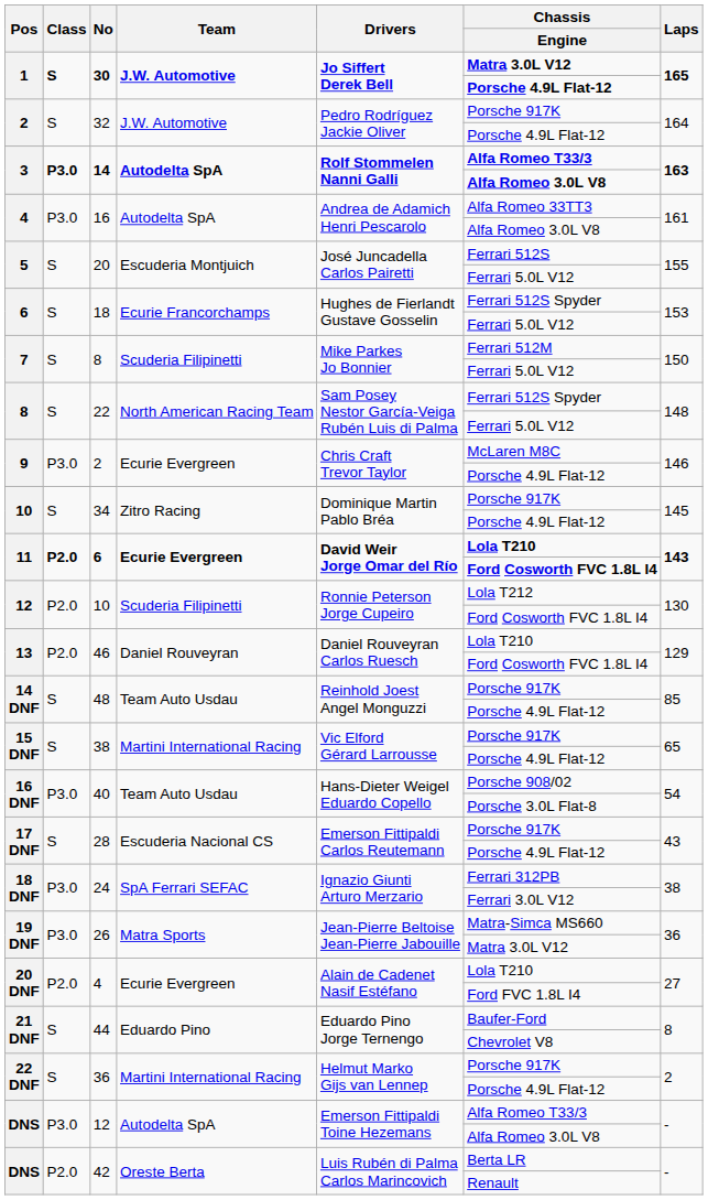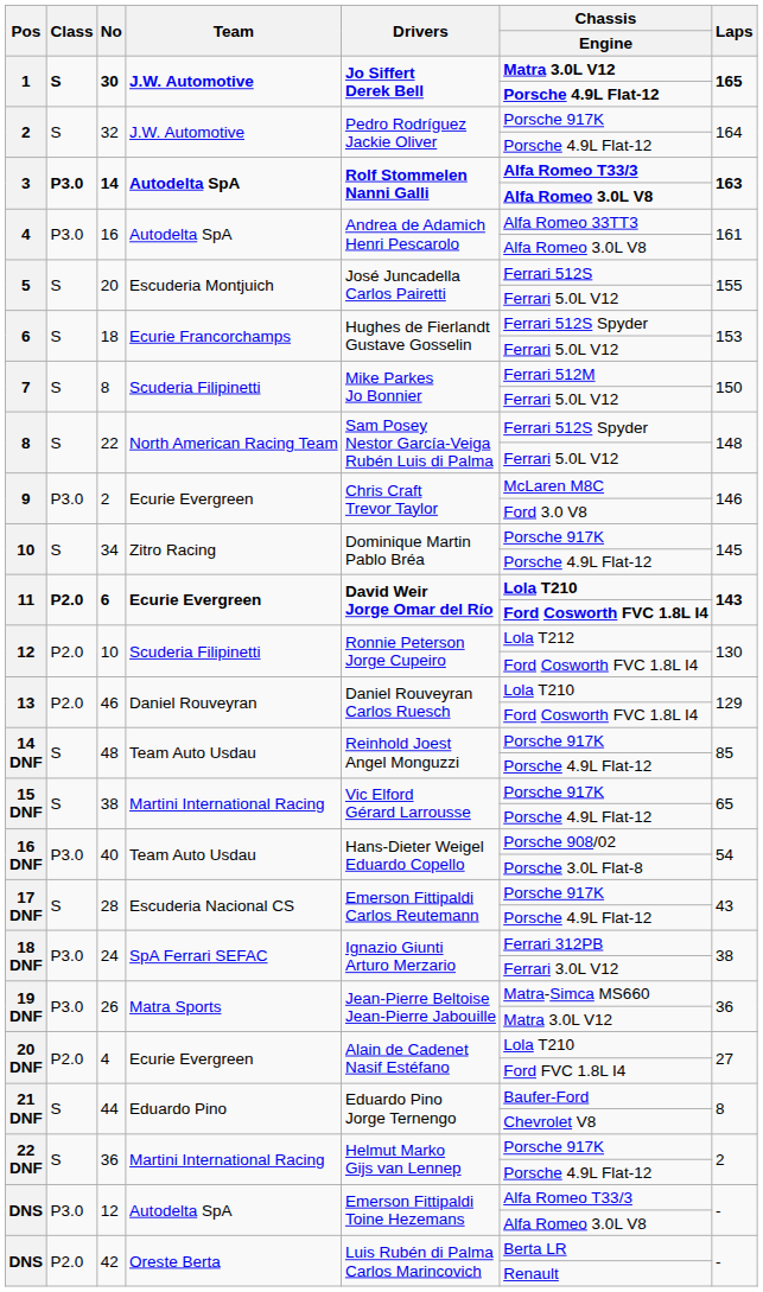 <table class="wikitable" style="font-size: 95%;">
 <tr>
 <th rowspan=2>Pos</th>
 <th rowspan=2>Class</th>
 <th rowspan=2>No</th>
 <th rowspan=2>Team</th>
 <th rowspan=2>Drivers</th>
 <th>Chassis</th>
 <th rowspan=2>Laps</th>
 </tr>
 <tr>
 <th>Engine</th>
 </tr>
 <tr style="font-weight:bold">
 <th rowspan=2>1</th>
 <td rowspan=2>S</td>
 <td rowspan=2>30</td>
 <td rowspan=2> <a href='#'>J.W. Automotive</a></td>
 <td rowspan=2> <a href='#'>Jo Siffert</a><br> <a href='#'>Derek Bell</a></td>
 <td><a href='#'>Matra</a> 3.0L V12</td>
 <td rowspan=2>165</td>
 </tr>
 <tr style="font-weight:bold">
 <td><a href='#'>Porsche</a> 4.9L Flat-12</td>
 </tr>
 <tr>
 <th rowspan=2>2</th>
 <td rowspan=2>S</td>
 <td rowspan=2>32</td>
 <td rowspan=2> <a href='#'>J.W. Automotive</a></td>
 <td rowspan=2> <a href='#'>Pedro Rodríguez</a><br> <a href='#'>Jackie Oliver</a></td>
 <td><a href='#'>Porsche 917K</a></td>
 <td rowspan=2>164</td>
 </tr>
 <tr>
 <td><a href='#'>Porsche</a> 4.9L Flat-12</td>
 </tr>
 <tr style="font-weight:bold">
 <th rowspan=2>3</th>
 <td rowspan=2>P3.0</td>
 <td rowspan=2>14</td>
 <td rowspan=2> <a href='#'>Autodelta</a> SpA</td>
 <td rowspan=2> <a href='#'>Rolf Stommelen</a><br> <a href='#'>Nanni Galli</a></td>
 <td><a href='#'>Alfa Romeo T33/3</a></td>
 <td rowspan=2>163</td>
 </tr>
 <tr style="font-weight:bold">
 <td><a href='#'>Alfa Romeo</a> 3.0L V8</td>
 </tr>
 <tr>
 <th rowspan=2>4</th>
 <td rowspan=2>P3.0</td>
 <td rowspan=2>16</td>
 <td rowspan=2> <a href='#'>Autodelta</a> SpA</td>
 <td rowspan=2> <a href='#'>Andrea de Adamich</a><br> <a href='#'>Henri Pescarolo</a></td>
 <td><a href='#'>Alfa Romeo 33TT3</a></td>
 <td rowspan=2>161</td>
 </tr>
 <tr>
 <td><a href='#'>Alfa Romeo</a> 3.0L V8</td>
 </tr>
 <tr>
 <th rowspan=2>5</th>
 <td rowspan=2>S</td>
 <td rowspan=2>20</td>
 <td rowspan=2> Escuderia Montjuich</td>
 <td rowspan=2> José Juncadella<br> <a href='#'>Carlos Pairetti</a></td>
 <td><a href='#'>Ferrari 512S</a></td>
 <td rowspan=2>155</td>
 </tr>
 <tr>
 <td><a href='#'>Ferrari</a> 5.0L V12</td>
 </tr>
 <tr>
 <th rowspan=2>6</th>
 <td rowspan=2>S</td>
 <td rowspan=2>18</td>
 <td rowspan=2> <a href='#'>Ecurie Francorchamps</a></td>
 <td rowspan=2> Hughes de Fierlandt<br> Gustave Gosselin</td>
 <td><a href='#'>Ferrari 512S</a> Spyder</td>
 <td rowspan=2>153</td>
 </tr>
 <tr>
 <td><a href='#'>Ferrari</a> 5.0L V12</td>
 </tr>
 <tr>
 <th rowspan=2>7</th>
 <td rowspan=2>S</td>
 <td rowspan=2>8</td>
 <td rowspan=2> <a href='#'>Scuderia Filipinetti</a></td>
 <td rowspan=2> <a href='#'>Mike Parkes</a><br> <a href='#'>Jo Bonnier</a></td>
 <td><a href='#'>Ferrari 512M</a></td>
 <td rowspan=2>150</td>
 </tr>
 <tr>
 <td><a href='#'>Ferrari</a> 5.0L V12</td>
 </tr>
 <tr>
 <th rowspan=2>8</th>
 <td rowspan=2>S</td>
 <td rowspan=2>22</td>
 <td rowspan=2> <a href='#'>North American Racing Team</a></td>
 <td rowspan=2> <a href='#'>Sam Posey</a><br> <a href='#'>Nestor García-Veiga</a><br> <a href='#'>Rubén Luis di Palma</a></td>
 <td><a href='#'>Ferrari 512S</a> Spyder</td>
 <td rowspan=2>148</td>
 </tr>
 <tr>
 <td><a href='#'>Ferrari</a> 5.0L V12</td>
 </tr>
 <tr>
 <th rowspan=2>9</th>
 <td rowspan=2>P3.0</td>
 <td rowspan=2>2</td>
 <td rowspan=2> Ecurie Evergreen</td>
 <td rowspan=2> <a href='#'>Chris Craft</a><br> <a href='#'>Trevor Taylor</a></td>
 <td><a href='#'>McLaren M8C</a></td>
 <td rowspan=2>146</td>
 </tr>
 <tr>
-<td><a href='#'>Porsche</a> 4.9L Flat-12</td>
+<td><a href='#'>Ford</a> 3.0 V8</td>
 </tr>
 <tr>
 <th rowspan=2>10</th>
 <td rowspan=2>S</td>
 <td rowspan=2>34</td>
 <td rowspan=2> Zitro Racing</td>
 <td rowspan=2> Dominique Martin<br> Pablo Bréa</td>
 <td><a href='#'>Porsche 917K</a></td>
 <td rowspan=2>145</td>
 </tr>
 <tr>
 <td><a href='#'>Porsche</a> 4.9L Flat-12</td>
 </tr>
 <tr style="font-weight:bold">
 <th rowspan=2>11</th>
 <td rowspan=2>P2.0</td>
 <td rowspan=2>6</td>
 <td rowspan=2> Ecurie Evergreen</td>
 <td rowspan=2> David Weir<br> <a href='#'>Jorge Omar del Río</a></td>
 <td><a href='#'>Lola</a> T210</td>
 <td rowspan=2>143</td>
 </tr>
 <tr style="font-weight:bold">
 <td><a href='#'>Ford</a> <a href='#'>Cosworth</a> FVC 1.8L I4</td>
 </tr>
 <tr>
 <th rowspan=2>12</th>
 <td rowspan=2>P2.0</td>
 <td rowspan=2>10</td>
 <td rowspan=2> <a href='#'>Scuderia Filipinetti</a></td>
 <td rowspan=2> <a href='#'>Ronnie Peterson</a><br> <a href='#'>Jorge Cupeiro</a></td>
 <td><a href='#'>Lola</a> T212</td>
 <td rowspan=2>130</td>
 </tr>
 <tr>
 <td><a href='#'>Ford</a> <a href='#'>Cosworth</a> FVC 1.8L I4</td>
 </tr>
 <tr>
 <th rowspan=2>13</th>
 <td rowspan=2>P2.0</td>
 <td rowspan=2>46</td>
 <td rowspan=2> Daniel Rouveyran</td>
 <td rowspan=2> Daniel Rouveyran<br> <a href='#'>Carlos Ruesch</a></td>
 <td><a href='#'>Lola</a> T210</td>
 <td rowspan=2>129</td>
 </tr>
 <tr>
 <td><a href='#'>Ford</a> <a href='#'>Cosworth</a> FVC 1.8L I4</td>
 </tr>
 <tr>
 <th rowspan=2>14<br>DNF</th>
 <td rowspan=2>S</td>
 <td rowspan=2>48</td>
 <td rowspan=2> Team Auto Usdau</td>
 <td rowspan=2> <a href='#'>Reinhold Joest</a><br> Angel Monguzzi</td>
 <td><a href='#'>Porsche 917K</a></td>
 <td rowspan=2>85</td>
 </tr>
 <tr>
 <td><a href='#'>Porsche</a> 4.9L Flat-12</td>
 </tr>
 <tr>
 <th rowspan=2>15<br>DNF</th>
 <td rowspan=2>S</td>
 <td rowspan=2>38</td>
 <td rowspan=2> <a href='#'>Martini International Racing</a></td>
 <td rowspan=2> <a href='#'>Vic Elford</a><br> <a href='#'>Gérard Larrousse</a></td>
 <td><a href='#'>Porsche 917K</a></td>
 <td rowspan=2>65</td>
 </tr>
 <tr>
 <td><a href='#'>Porsche</a> 4.9L Flat-12</td>
 </tr>
 <tr>
 <th rowspan=2>16<br>DNF</th>
 <td rowspan=2>P3.0</td>
 <td rowspan=2>40</td>
 <td rowspan=2> Team Auto Usdau</td>
 <td rowspan=2> Hans-Dieter Weigel<br> <a href='#'>Eduardo Copello</a></td>
 <td><a href='#'>Porsche 908</a>/02</td>
 <td rowspan=2>54</td>
 </tr>
 <tr>
 <td><a href='#'>Porsche</a> 3.0L Flat-8</td>
 </tr>
 <tr>
 <th rowspan=2>17<br>DNF</th>
 <td rowspan=2>S</td>
 <td rowspan=2>28</td>
 <td rowspan=2> Escuderia Nacional CS</td>
 <td rowspan=2> <a href='#'>Emerson Fittipaldi</a><br> <a href='#'>Carlos Reutemann</a></td>
 <td><a href='#'>Porsche 917K</a></td>
 <td rowspan=2>43</td>
 </tr>
 <tr>
 <td><a href='#'>Porsche</a> 4.9L Flat-12</td>
 </tr>
 <tr>
 <th rowspan=2>18<br>DNF</th>
 <td rowspan=2>P3.0</td>
 <td rowspan=2>24</td>
 <td rowspan=2> <a href='#'>SpA Ferrari SEFAC</a></td>
 <td rowspan=2> <a href='#'>Ignazio Giunti</a><br> <a href='#'>Arturo Merzario</a></td>
 <td><a href='#'>Ferrari 312PB</a></td>
 <td rowspan=2>38</td>
 </tr>
 <tr>
 <td><a href='#'>Ferrari</a> 3.0L V12</td>
 </tr>
 <tr>
 <th rowspan=2>19<br>DNF</th>
 <td rowspan=2>P3.0</td>
 <td rowspan=2>26</td>
 <td rowspan=2> <a href='#'>Matra Sports</a></td>
 <td rowspan=2> <a href='#'>Jean-Pierre Beltoise</a><br> <a href='#'>Jean-Pierre Jabouille</a></td>
 <td><a href='#'>Matra</a>-<a href='#'>Simca</a> MS660</td>
 <td rowspan=2>36</td>
 </tr>
 <tr>
 <td><a href='#'>Matra</a> 3.0L V12</td>
 </tr>
 <tr>
 <th rowspan=2>20<br>DNF</th>
 <td rowspan=2>P2.0</td>
 <td rowspan=2>4</td>
 <td rowspan=2> Ecurie Evergreen</td>
 <td rowspan=2> <a href='#'>Alain de Cadenet</a><br> <a href='#'>Nasif Estéfano</a></td>
 <td><a href='#'>Lola</a> T210</td>
 <td rowspan=2>27</td>
 </tr>
 <tr>
 <td><a href='#'>Ford</a> FVC 1.8L I4</td>
 </tr>
 <tr>
 <th rowspan=2>21<br>DNF</th>
 <td rowspan=2>S</td>
 <td rowspan=2>44</td>
 <td rowspan=2> Eduardo Pino</td>
 <td rowspan=2> Eduardo Pino<br> Jorge Ternengo</td>
 <td><a href='#'>Baufer-Ford</a></td>
 <td rowspan=2>8</td>
 </tr>
 <tr>
 <td><a href='#'>Chevrolet</a> V8</td>
 </tr>
 <tr>
 <th rowspan=2>22<br>DNF</th>
 <td rowspan=2>S</td>
 <td rowspan=2>36</td>
 <td rowspan=2> <a href='#'>Martini International Racing</a></td>
 <td rowspan=2> <a href='#'>Helmut Marko</a><br> <a href='#'>Gijs van Lennep</a></td>
 <td><a href='#'>Porsche 917K</a></td>
 <td rowspan=2>2</td>
 </tr>
 <tr>
 <td><a href='#'>Porsche</a> 4.9L Flat-12</td>
 </tr>
 <tr>
 <th rowspan=2>DNS</th>
 <td rowspan=2>P3.0</td>
 <td rowspan=2>12</td>
 <td rowspan=2> <a href='#'>Autodelta</a> SpA</td>
 <td rowspan=2> <a href='#'>Emerson Fittipaldi</a><br> <a href='#'>Toine Hezemans</a></td>
 <td><a href='#'>Alfa Romeo T33/3</a></td>
 <td rowspan=2>-</td>
 </tr>
 <tr>
 <td><a href='#'>Alfa Romeo</a> 3.0L V8</td>
 </tr>
 <tr>
 <th rowspan=2>DNS</th>
 <td rowspan=2>P2.0</td>
 <td rowspan=2>42</td>
 <td rowspan=2> <a href='#'>Oreste Berta</a></td>
 <td rowspan=2> <a href='#'>Luis Rubén di Palma</a><br> <a href='#'>Carlos Marincovich</a></td>
 <td><a href='#'>Berta LR</a></td>
 <td rowspan=2>-</td>
 </tr>
 <tr>
 <td><a href='#'>Renault</a></td>
 </tr>
 </table>
